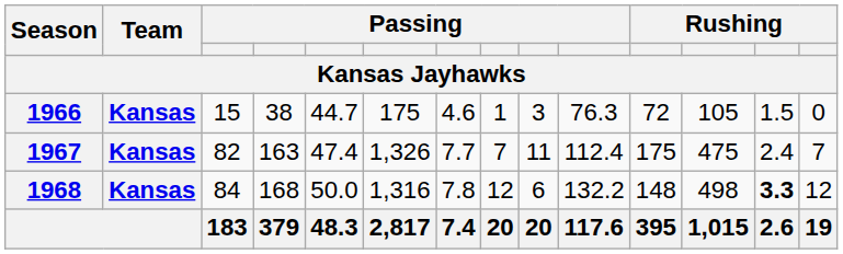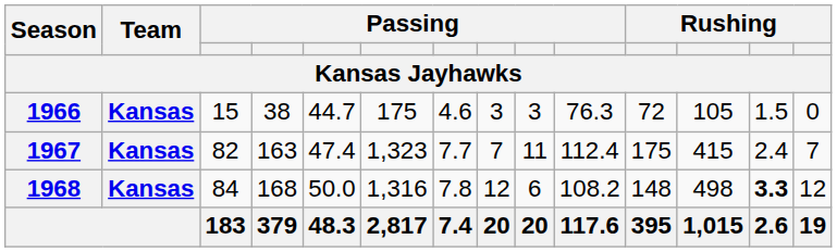 <table class="wikitable" style="text-align:center;">
 <tr>
 <th rowspan="2">Season</th>
 <th rowspan="2">Team</th>
 <th colspan="8">Passing</th>
 <th colspan="4">Rushing</th>
 </tr>
 <tr>
 <th></th>
 <th></th>
 <th></th>
 <th></th>
 <th></th>
 <th></th>
 <th></th>
 <th></th>
 <th></th>
 <th></th>
 <th></th>
 <th></th>
 </tr>
 <tr>
 <th colspan="16">Kansas Jayhawks</th>
 </tr>
 <tr>
 <th><a href='#'>1966</a></th>
 <th><a href='#'>Kansas</a></th>
 <td>15</td>
 <td>38</td>
 <td>44.7</td>
 <td>175</td>
 <td>4.6</td>
-<td>1</td>
+<td>3</td>
 <td>3</td>
 <td>76.3</td>
 <td>72</td>
 <td>105</td>
 <td>1.5</td>
 <td>0</td>
 </tr>
 <tr>
 <th><a href='#'>1967</a></th>
 <th><a href='#'>Kansas</a></th>
 <td>82</td>
 <td>163</td>
 <td>47.4</td>
-<td>1,326</td>
+<td>1,323</td>
 <td>7.7</td>
 <td>7</td>
 <td>11</td>
 <td>112.4</td>
 <td>175</td>
-<td>475</td>
+<td>415</td>
 <td>2.4</td>
 <td>7</td>
 </tr>
 <tr>
 <th><a href='#'>1968</a></th>
 <th><a href='#'>Kansas</a></th>
 <td>84</td>
 <td>168</td>
 <td>50.0</td>
 <td>1,316</td>
 <td>7.8</td>
 <td>12</td>
 <td>6</td>
-<td>132.2</td>
+<td>108.2</td>
 <td>148</td>
 <td>498</td>
 <td><strong>3.3</strong></td>
 <td>12</td>
 </tr>
 <tr>
 <th colspan="2"></th>
 <th>183</th>
 <th>379</th>
 <th>48.3</th>
 <th>2,817</th>
 <th>7.4</th>
 <th>20</th>
 <th>20</th>
 <th>117.6</th>
 <th>395</th>
 <th>1,015</th>
 <th>2.6</th>
 <th>19</th>
 </tr>
 </table>
